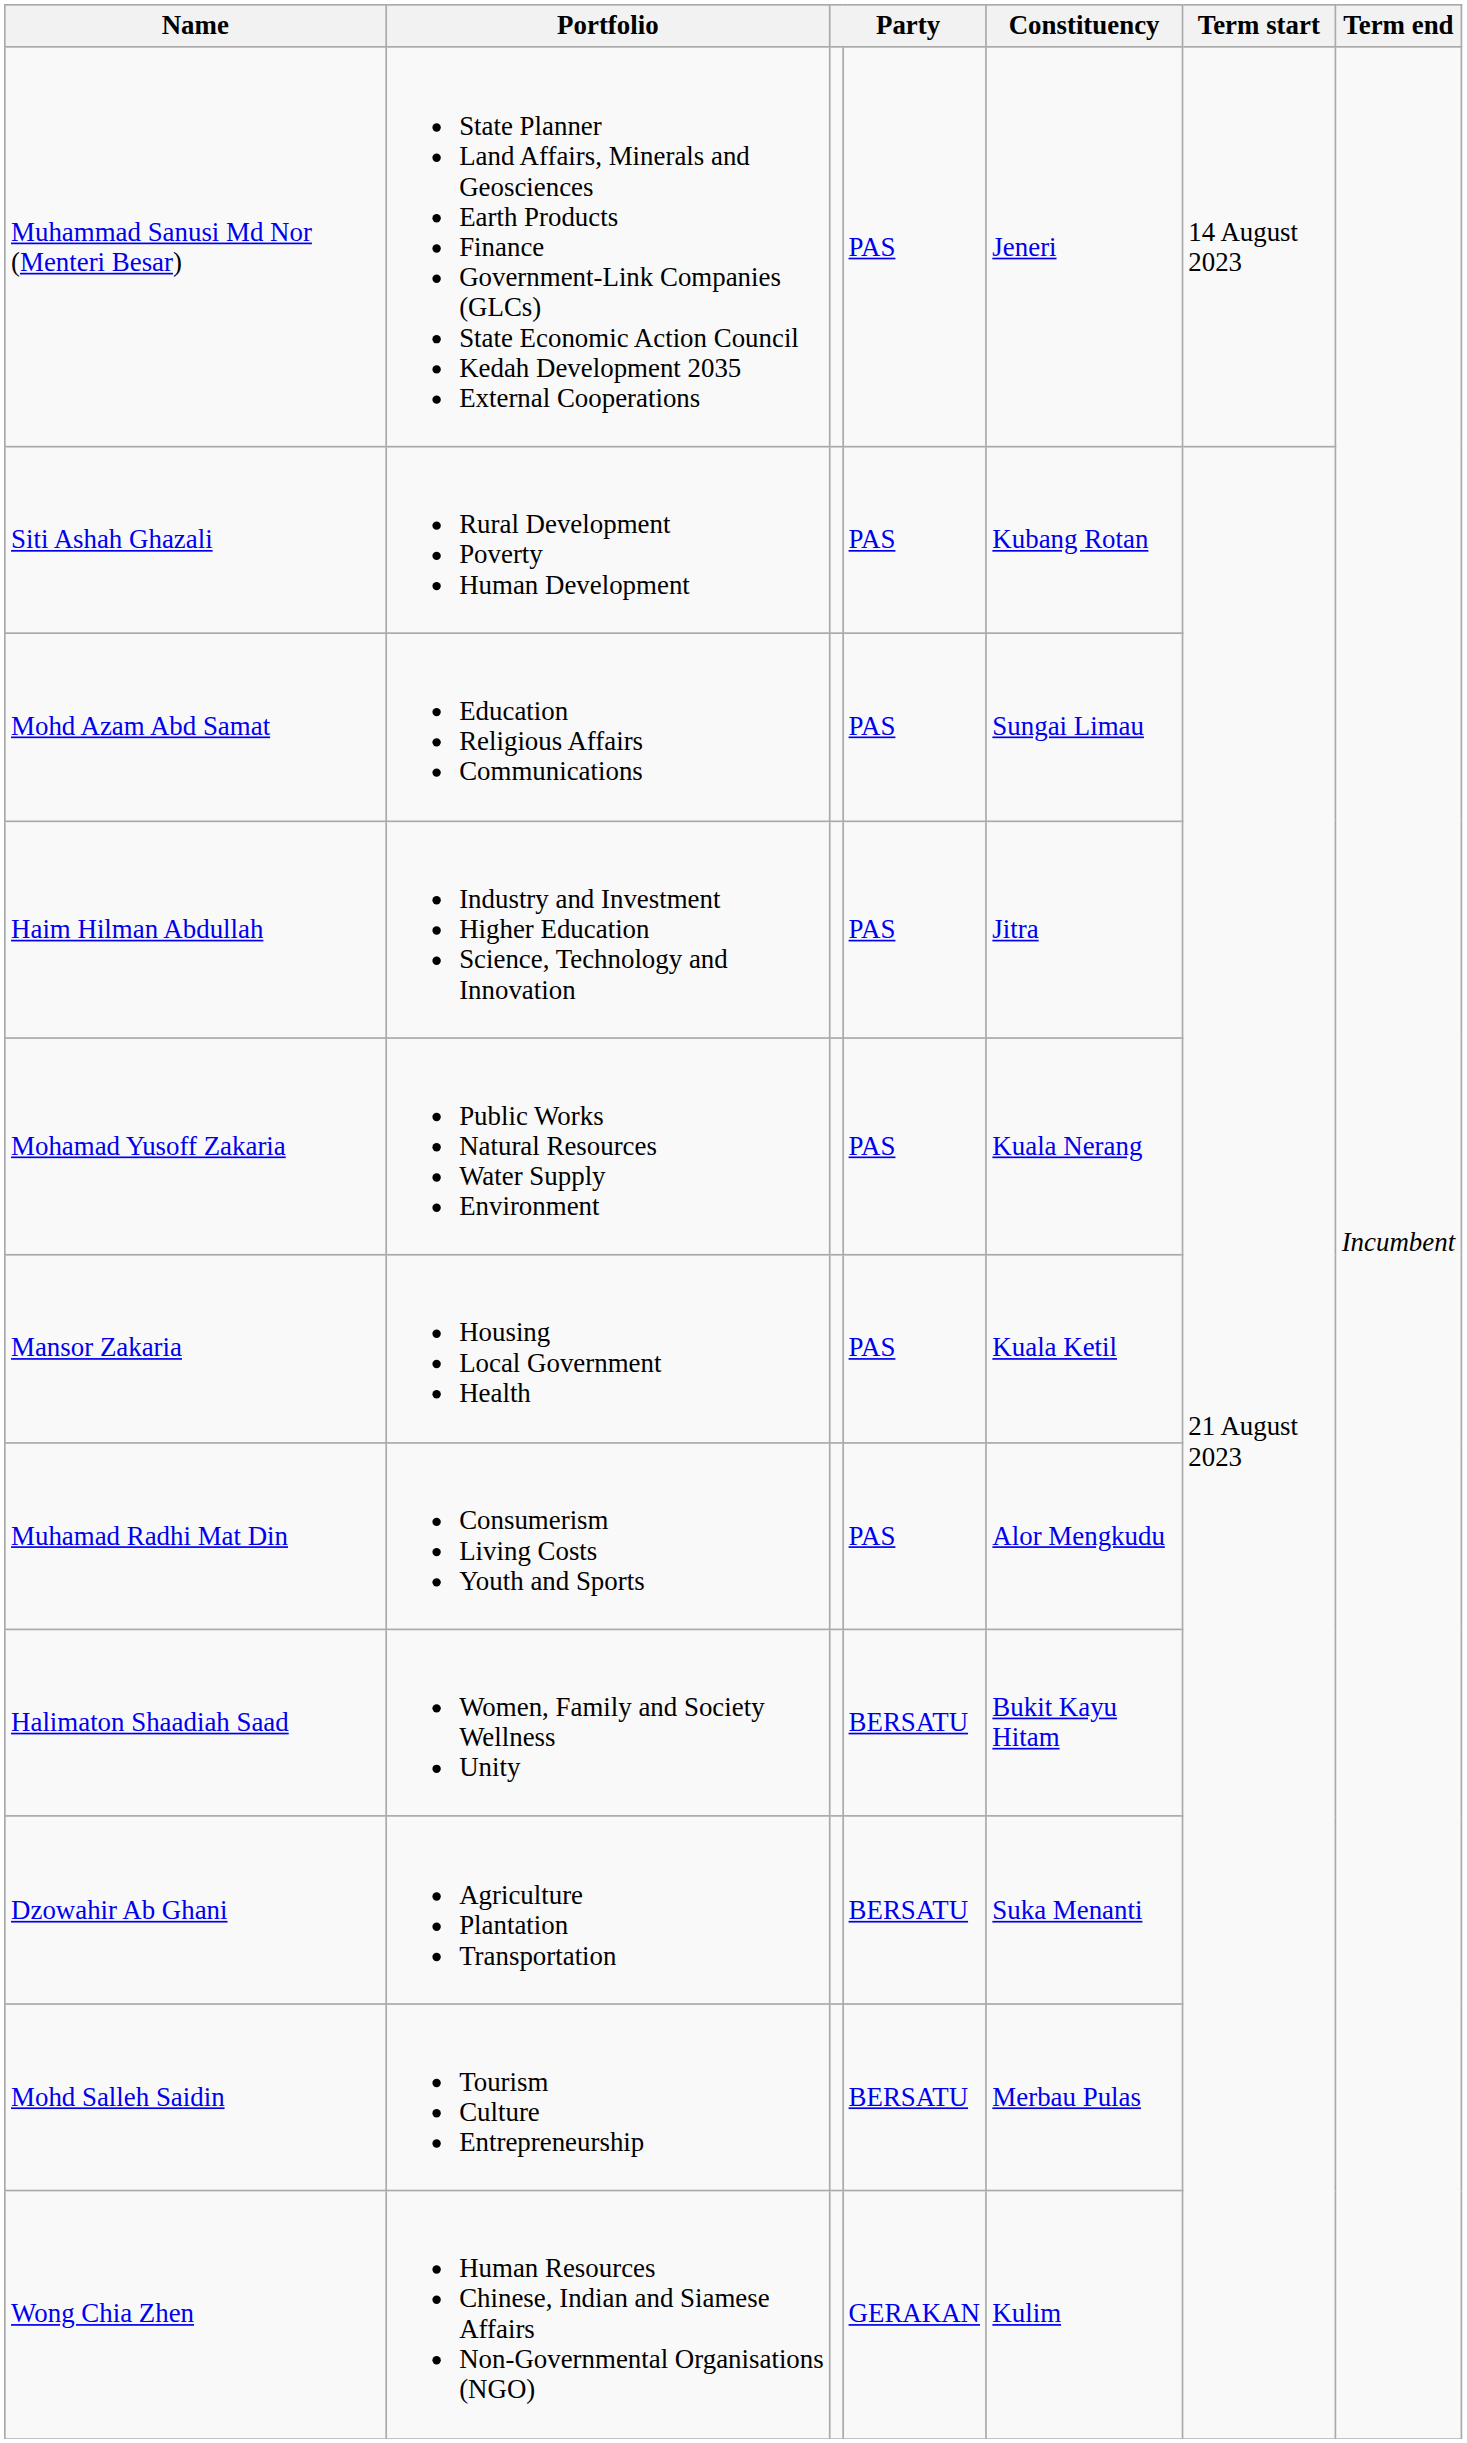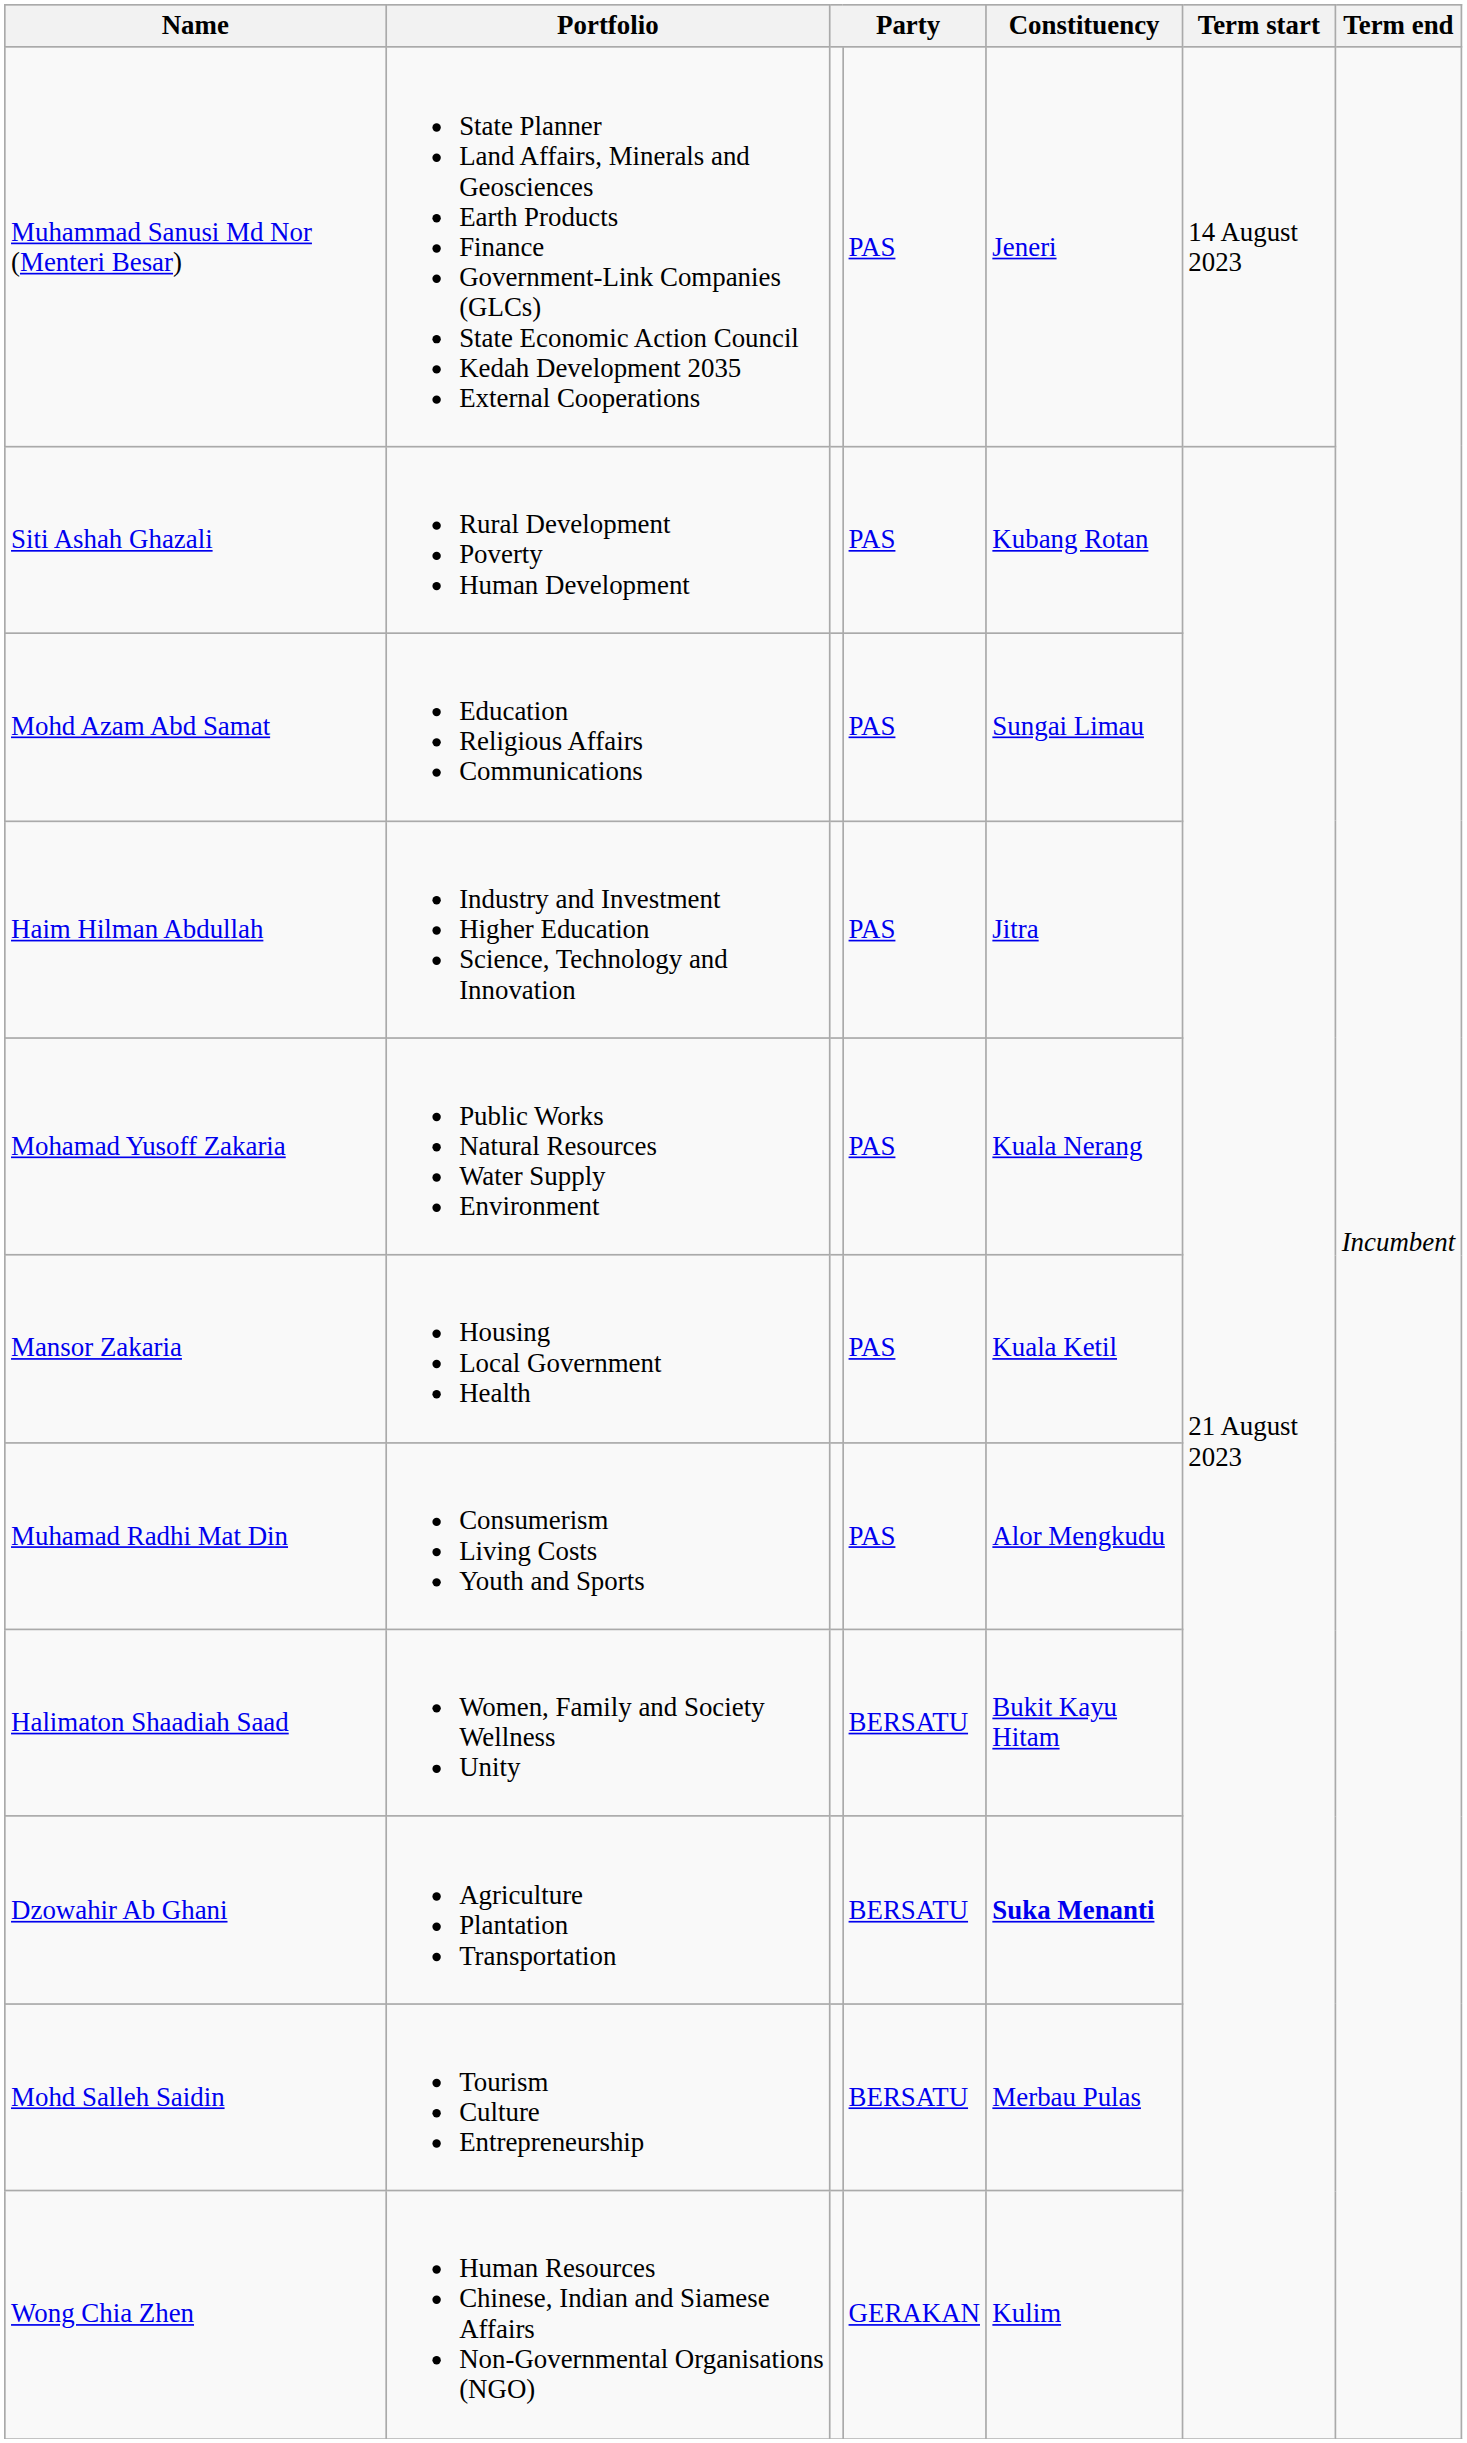 <table class="wikitable">
 <tr>
 <th>Name</th>
 <th>Portfolio</th>
 <th colspan=2>Party</th>
 <th>Constituency</th>
 <th>Term start</th>
 <th>Term end</th>
 </tr>
 <tr>
 <td><a href='#'>Muhammad Sanusi Md Nor</a> (<a href='#'>Menteri Besar</a>)</td>
 <td><br><ul><li>State Planner</li><li>Land Affairs, Minerals and Geosciences</li><li>Earth Products</li><li>Finance</li><li>Government-Link Companies (GLCs)</li><li>State Economic Action Council</li><li>Kedah Development 2035</li><li>External Cooperations</li></ul></td>
 <td bgcolor=></td>
 <td><a href='#'>PAS</a></td>
 <td><a href='#'>Jeneri</a></td>
 <td>14 August 2023</td>
 <td rowspan="11"><em>Incumbent</em></td>
 </tr>
 <tr>
 <td><a href='#'>Siti Ashah Ghazali</a></td>
 <td><br><ul><li>Rural Development</li><li>Poverty</li><li>Human Development</li></ul></td>
 <td bgcolor=></td>
 <td><a href='#'>PAS</a></td>
 <td><a href='#'>Kubang Rotan</a></td>
 <td rowspan="10">21 August 2023</td>
 </tr>
 <tr>
 <td><a href='#'>Mohd Azam Abd Samat</a></td>
 <td><br><ul><li>Education</li><li>Religious Affairs</li><li>Communications</li></ul></td>
 <td bgcolor=></td>
 <td><a href='#'>PAS</a></td>
 <td><a href='#'>Sungai Limau</a></td>
 </tr>
 <tr>
 <td><a href='#'>Haim Hilman Abdullah</a></td>
 <td><br><ul><li>Industry and Investment</li><li>Higher Education</li><li>Science, Technology and Innovation</li></ul></td>
 <td bgcolor=></td>
 <td><a href='#'>PAS</a></td>
 <td><a href='#'>Jitra</a></td>
 </tr>
 <tr>
 <td><a href='#'>Mohamad Yusoff Zakaria</a></td>
 <td><br><ul><li>Public Works</li><li>Natural Resources</li><li>Water Supply</li><li>Environment</li></ul></td>
 <td bgcolor=></td>
 <td><a href='#'>PAS</a></td>
 <td><a href='#'>Kuala Nerang</a></td>
 </tr>
 <tr>
 <td><a href='#'>Mansor Zakaria</a></td>
 <td><br><ul><li>Housing</li><li>Local Government</li><li>Health</li></ul></td>
 <td bgcolor=></td>
 <td><a href='#'>PAS</a></td>
 <td><a href='#'>Kuala Ketil</a></td>
 </tr>
 <tr>
 <td><a href='#'>Muhamad Radhi Mat Din</a></td>
 <td><br><ul><li>Consumerism</li><li>Living Costs</li><li>Youth and Sports</li></ul></td>
 <td bgcolor=></td>
 <td><a href='#'>PAS</a></td>
 <td><a href='#'>Alor Mengkudu</a></td>
 </tr>
 <tr>
 <td><a href='#'>Halimaton Shaadiah Saad</a></td>
 <td><br><ul><li>Women, Family and Society Wellness</li><li>Unity</li></ul></td>
 <td bgcolor=></td>
 <td><a href='#'>BERSATU</a></td>
 <td><a href='#'>Bukit Kayu Hitam</a></td>
 </tr>
 <tr>
 <td><a href='#'>Dzowahir Ab Ghani</a></td>
 <td><br><ul><li>Agriculture</li><li>Plantation</li><li>Transportation</li></ul></td>
 <td bgcolor=></td>
 <td><a href='#'>BERSATU</a></td>
-<td><a href='#'>Suka Menanti</a></td>
+<td><strong><a href='#'>Suka Menanti</a></strong></td>
 </tr>
 <tr>
 <td><a href='#'>Mohd Salleh Saidin</a></td>
 <td><br><ul><li>Tourism</li><li>Culture</li><li>Entrepreneurship</li></ul></td>
 <td bgcolor=></td>
 <td><a href='#'>BERSATU</a></td>
 <td><a href='#'>Merbau Pulas</a></td>
 </tr>
 <tr>
 <td><a href='#'>Wong Chia Zhen</a></td>
 <td><br><ul><li>Human Resources</li><li>Chinese, Indian and Siamese Affairs</li><li>Non-Governmental Organisations (NGO)</li></ul></td>
 <td bgcolor=></td>
 <td><a href='#'>GERAKAN</a></td>
 <td><a href='#'>Kulim</a></td>
 </tr>
 </table>
